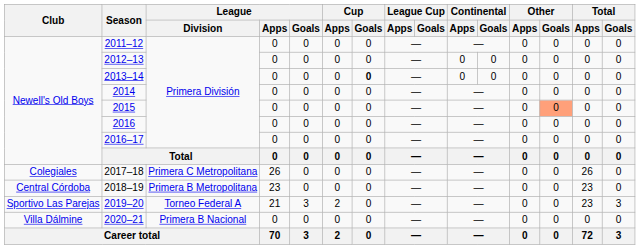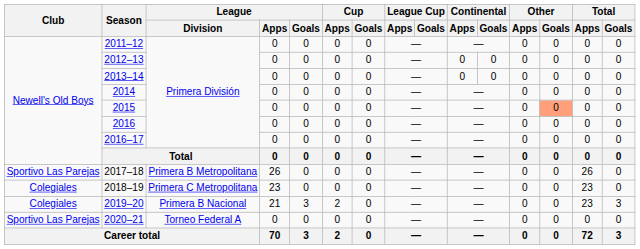 <table class="wikitable" style="text-align:center">
 <tr>
 <th rowspan="2">Club</th>
 <th rowspan="2">Season</th>
 <th colspan="3">League</th>
 <th colspan="2">Cup</th>
 <th colspan="2">League Cup</th>
 <th colspan="2">Continental</th>
 <th colspan="2">Other</th>
 <th colspan="2">Total</th>
 </tr>
 <tr>
 <th>Division</th>
 <th>Apps</th>
 <th>Goals</th>
 <th>Apps</th>
 <th>Goals</th>
 <th>Apps</th>
 <th>Goals</th>
 <th>Apps</th>
 <th>Goals</th>
 <th>Apps</th>
 <th>Goals</th>
 <th>Apps</th>
 <th>Goals</th>
 </tr>
 <tr>
 <td rowspan="8"><a href='#'>Newell's Old Boys</a></td>
 <td><a href='#'>2011–12</a></td>
 <td rowspan="7"><a href='#'>Primera División</a></td>
 <td>0</td>
 <td>0</td>
 <td>0</td>
 <td>0</td>
 <td colspan="2">—</td>
 <td colspan="2">—</td>
 <td>0</td>
 <td>0</td>
 <td>0</td>
 <td>0</td>
 </tr>
 <tr>
 <td><a href='#'>2012–13</a></td>
 <td>0</td>
 <td>0</td>
 <td>0</td>
 <td>0</td>
 <td colspan="2">—</td>
 <td>0</td>
 <td>0</td>
 <td>0</td>
 <td>0</td>
 <td>0</td>
 <td>0</td>
 </tr>
 <tr>
 <td><a href='#'>2013–14</a></td>
 <td>0</td>
 <td>0</td>
 <td>0</td>
-<td><strong>0</strong></td>
+<td>0</td>
 <td colspan="2">—</td>
 <td>0</td>
 <td>0</td>
 <td>0</td>
 <td>0</td>
 <td>0</td>
 <td>0</td>
 </tr>
 <tr>
 <td><a href='#'>2014</a></td>
 <td>0</td>
 <td>0</td>
 <td>0</td>
 <td>0</td>
 <td colspan="2">—</td>
 <td colspan="2">—</td>
 <td>0</td>
 <td>0</td>
 <td>0</td>
 <td>0</td>
 </tr>
 <tr>
 <td><a href='#'>2015</a></td>
 <td>0</td>
 <td>0</td>
 <td>0</td>
 <td>0</td>
 <td colspan="2">—</td>
 <td colspan="2">—</td>
 <td>0</td>
 <td style="background: lightsalmon;">0</td>
 <td>0</td>
 <td>0</td>
 </tr>
 <tr>
 <td><a href='#'>2016</a></td>
 <td>0</td>
 <td>0</td>
 <td>0</td>
 <td>0</td>
 <td colspan="2">—</td>
 <td colspan="2">—</td>
 <td>0</td>
 <td>0</td>
 <td>0</td>
 <td>0</td>
 </tr>
 <tr>
 <td><a href='#'>2016–17</a></td>
 <td>0</td>
 <td>0</td>
 <td>0</td>
 <td>0</td>
 <td colspan="2">—</td>
 <td colspan="2">—</td>
 <td>0</td>
 <td>0</td>
 <td>0</td>
 <td>0</td>
 </tr>
 <tr>
 <th colspan="2">Total</th>
 <th>0</th>
 <th>0</th>
 <th>0</th>
 <th>0</th>
 <th colspan="2">—</th>
 <th colspan="2">—</th>
 <th>0</th>
 <th>0</th>
 <th>0</th>
 <th>0</th>
 </tr>
 <tr>
-<td rowspan="1"><a href='#'>Colegiales</a></td>
+<td rowspan="1"><a href='#'>Sportivo Las Parejas</a></td>
 <td>2017–18</td>
-<td rowspan="1"><a href='#'>Primera C Metropolitana</a></td>
+<td rowspan="1"><a href='#'>Primera B Metropolitana</a></td>
 <td>26</td>
 <td>0</td>
 <td>0</td>
 <td>0</td>
 <td colspan="2">—</td>
 <td colspan="2">—</td>
 <td>0</td>
 <td>0</td>
 <td>26</td>
 <td>0</td>
 </tr>
 <tr>
-<td rowspan="1"><a href='#'>Central Córdoba</a></td>
+<td rowspan="1"><a href='#'>Colegiales</a></td>
 <td>2018–19</td>
-<td rowspan="1"><a href='#'>Primera B Metropolitana</a></td>
+<td rowspan="1"><a href='#'>Primera C Metropolitana</a></td>
 <td>23</td>
 <td>0</td>
 <td>0</td>
 <td>0</td>
 <td colspan="2">—</td>
 <td colspan="2">—</td>
 <td>0</td>
 <td>0</td>
 <td>23</td>
 <td>0</td>
 </tr>
 <tr>
-<td rowspan="1"><a href='#'>Sportivo Las Parejas</a></td>
+<td rowspan="1"><a href='#'>Colegiales</a></td>
 <td><a href='#'>2019–20</a></td>
-<td rowspan="1"><a href='#'>Torneo Federal A</a></td>
+<td rowspan="1"><a href='#'>Primera B Nacional</a></td>
 <td>21</td>
 <td>3</td>
 <td>2</td>
 <td>0</td>
 <td colspan="2">—</td>
 <td colspan="2">—</td>
 <td>0</td>
 <td>0</td>
 <td>23</td>
 <td>3</td>
 </tr>
 <tr>
-<td rowspan="1"><a href='#'>Villa Dálmine</a></td>
+<td rowspan="1"><a href='#'>Sportivo Las Parejas</a></td>
 <td><a href='#'>2020–21</a></td>
-<td rowspan="1"><a href='#'>Primera B Nacional</a></td>
+<td rowspan="1"><a href='#'>Torneo Federal A</a></td>
 <td>0</td>
 <td>0</td>
 <td>0</td>
 <td>0</td>
 <td colspan="2">—</td>
 <td colspan="2">—</td>
 <td>0</td>
 <td>0</td>
 <td>0</td>
 <td>0</td>
 </tr>
 <tr>
 <th colspan="3">Career total</th>
 <th>70</th>
 <th>3</th>
 <th>2</th>
 <th>0</th>
 <th colspan="2">—</th>
 <th colspan="2">—</th>
 <th>0</th>
 <th>0</th>
 <th>72</th>
 <th>3</th>
 </tr>
 </table>
